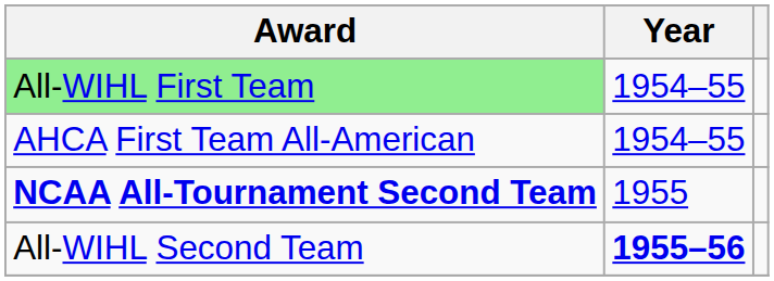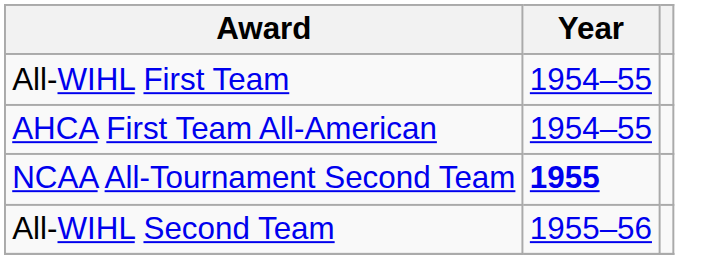 <table class="wikitable">
 <tr>
 <th>Award</th>
 <th>Year</th>
 <th></th>
 </tr>
 <tr>
-<td style="background: lightgreen;">All-<a href='#'>WIHL</a> <a href='#'>First Team</a></td>
+<td>All-<a href='#'>WIHL</a> <a href='#'>First Team</a></td>
 <td><a href='#'>1954–55</a></td>
 <td></td>
 </tr>
 <tr>
 <td><a href='#'>AHCA</a> <a href='#'>First Team All-American</a></td>
 <td><a href='#'>1954–55</a></td>
 <td></td>
 </tr>
 <tr>
-<td><strong><a href='#'>NCAA</a> <a href='#'>All-Tournament Second Team</a></strong></td>
-<td><a href='#'>1955</a></td>
+<td><a href='#'>NCAA</a> <a href='#'>All-Tournament Second Team</a></td>
+<td><strong><a href='#'>1955</a></strong></td>
 <td></td>
 </tr>
 <tr>
 <td>All-<a href='#'>WIHL</a> <a href='#'>Second Team</a></td>
-<td><strong><a href='#'>1955–56</a></strong></td>
+<td><a href='#'>1955–56</a></td>
 <td></td>
 </tr>
 <tr>
 </tr>
 </table>
